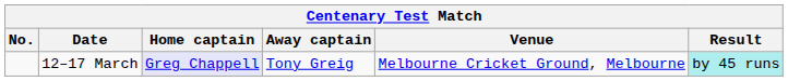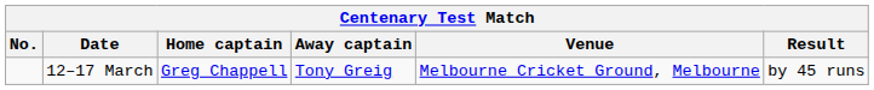 <table class="wikitable">
 <tr>
 <th colspan="9"><a href='#'>Centenary Test</a> Match</th>
 </tr>
 <tr>
 <th>No.</th>
 <th>Date</th>
 <th>Home captain</th>
 <th>Away captain</th>
 <th>Venue</th>
 <th>Result</th>
 </tr>
 <tr>
 <td></td>
 <td>12–17 March</td>
-<td style="background: lavender;"><a href='#'>Greg Chappell</a></td>
+<td><a href='#'>Greg Chappell</a></td>
 <td><a href='#'>Tony Greig</a></td>
 <td><a href='#'>Melbourne Cricket Ground</a>, <a href='#'>Melbourne</a></td>
-<td style="background: paleturquoise;"> by 45 runs</td>
+<td> by 45 runs</td>
 </tr>
 </table>
